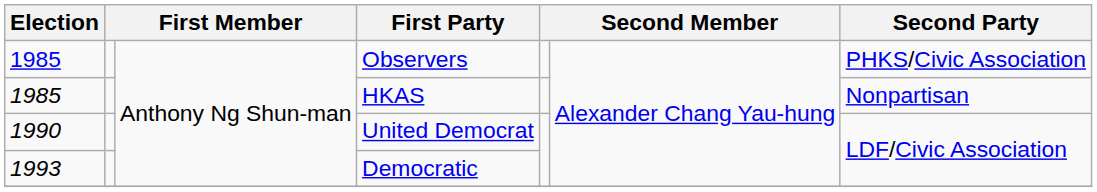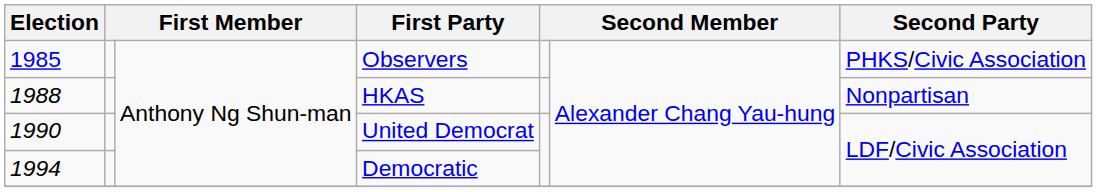 <table class="wikitable">
 <tr>
 <th>Election</th>
 <th colspan="2">First Member</th>
 <th>First Party</th>
 <th colspan="2">Second Member</th>
 <th>Second Party</th>
 </tr>
 <tr>
 <td><a href='#'>1985</a></td>
 <td style="background-color:"></td>
 <td rowspan=4>Anthony Ng Shun-man</td>
 <td><a href='#'>Observers</a></td>
 <td style="background-color:"></td>
 <td rowspan=4><a href='#'>Alexander Chang Yau-hung</a></td>
 <td><a href='#'>PHKS</a>/<a href='#'>Civic Association</a></td>
 </tr>
 <tr>
-<td><em>1985</em></td>
+<td><em>1988</em></td>
 <td style="background-color: "></td>
 <td><a href='#'>HKAS</a></td>
 <td style="background-color:"></td>
 <td><a href='#'>Nonpartisan</a></td>
 </tr>
 <tr>
 <td><em>1990</em></td>
 <td style="background-color:"></td>
 <td><a href='#'>United Democrat</a></td>
 <td rowspan=2 style="background-color:"></td>
 <td rowspan=2><a href='#'>LDF</a>/<a href='#'>Civic Association</a></td>
 </tr>
 <tr>
-<td><em>1993</em></td>
+<td><em>1994</em></td>
 <td style="background-color:"></td>
 <td><a href='#'>Democratic</a></td>
 </tr>
 <tr>
 </tr>
 </table>
